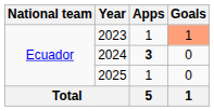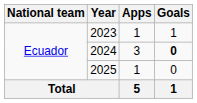 <table class="wikitable" style="text-align:center">
 <tr>
 <th>National team</th>
 <th>Year</th>
 <th>Apps</th>
 <th>Goals</th>
 </tr>
 <tr>
 <td rowspan="3"><a href='#'>Ecuador</a></td>
 <td>2023</td>
 <td>1</td>
-<td style="background: lightsalmon;">1</td>
+<td>1</td>
 </tr>
 <tr>
 <td>2024</td>
-<td><strong>3</strong></td>
-<td>0</td>
+<td>3</td>
+<td><strong>0</strong></td>
 </tr>
 <tr>
 <td>2025</td>
 <td>1</td>
 <td>0</td>
 </tr>
 <tr>
 <th colspan=2>Total</th>
 <th>5</th>
 <th>1</th>
 </tr>
 </table>
